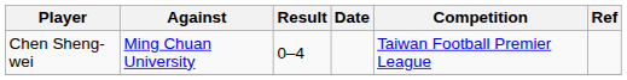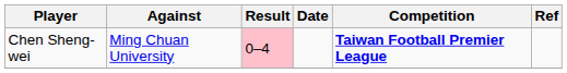 <table class="wikitable">
 <tr>
 <th>Player</th>
 <th>Against</th>
 <th>Result</th>
 <th>Date</th>
 <th>Competition</th>
 <th>Ref</th>
 </tr>
 <tr>
 <td> Chen Sheng-wei</td>
 <td><a href='#'>Ming Chuan University</a></td>
-<td>0–4</td>
+<td style="background: pink;">0–4</td>
 <td></td>
-<td><a href='#'>Taiwan Football Premier League</a></td>
+<td><strong><a href='#'>Taiwan Football Premier League</a></strong></td>
 <td></td>
 </tr>
 <tr>
 </tr>
 </table>
